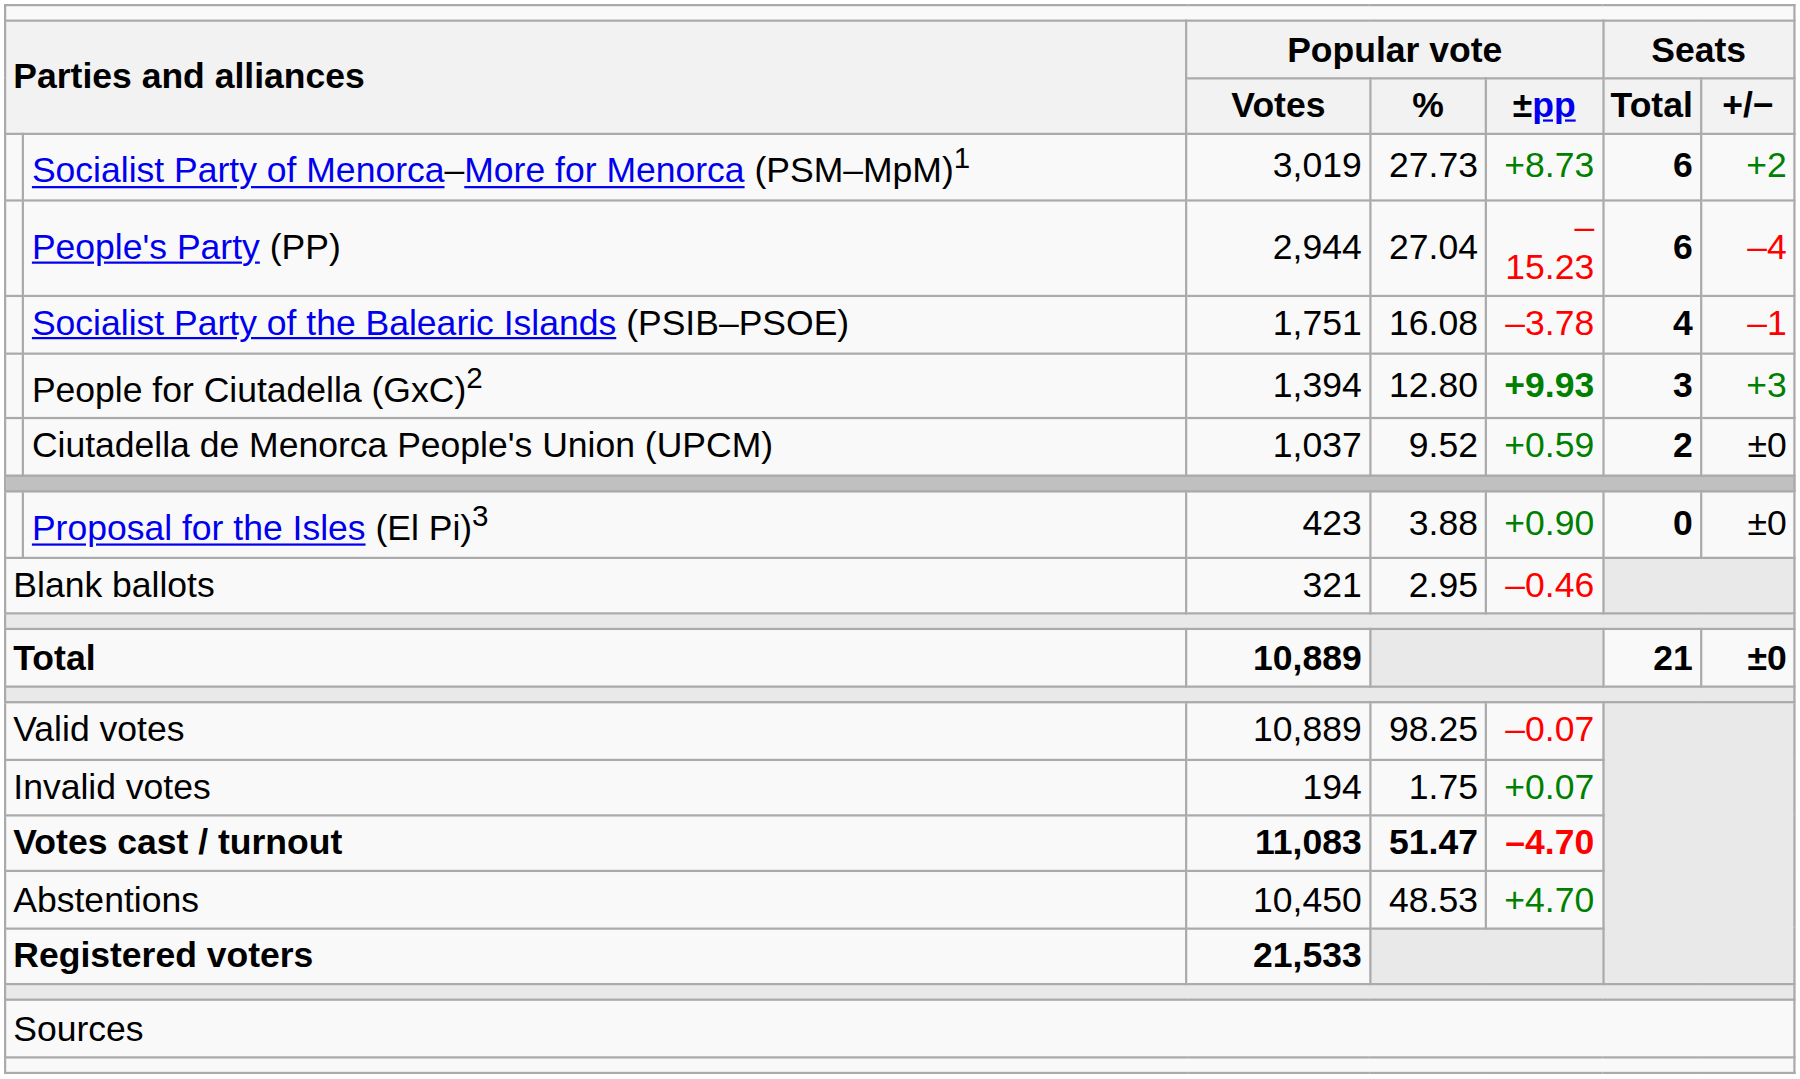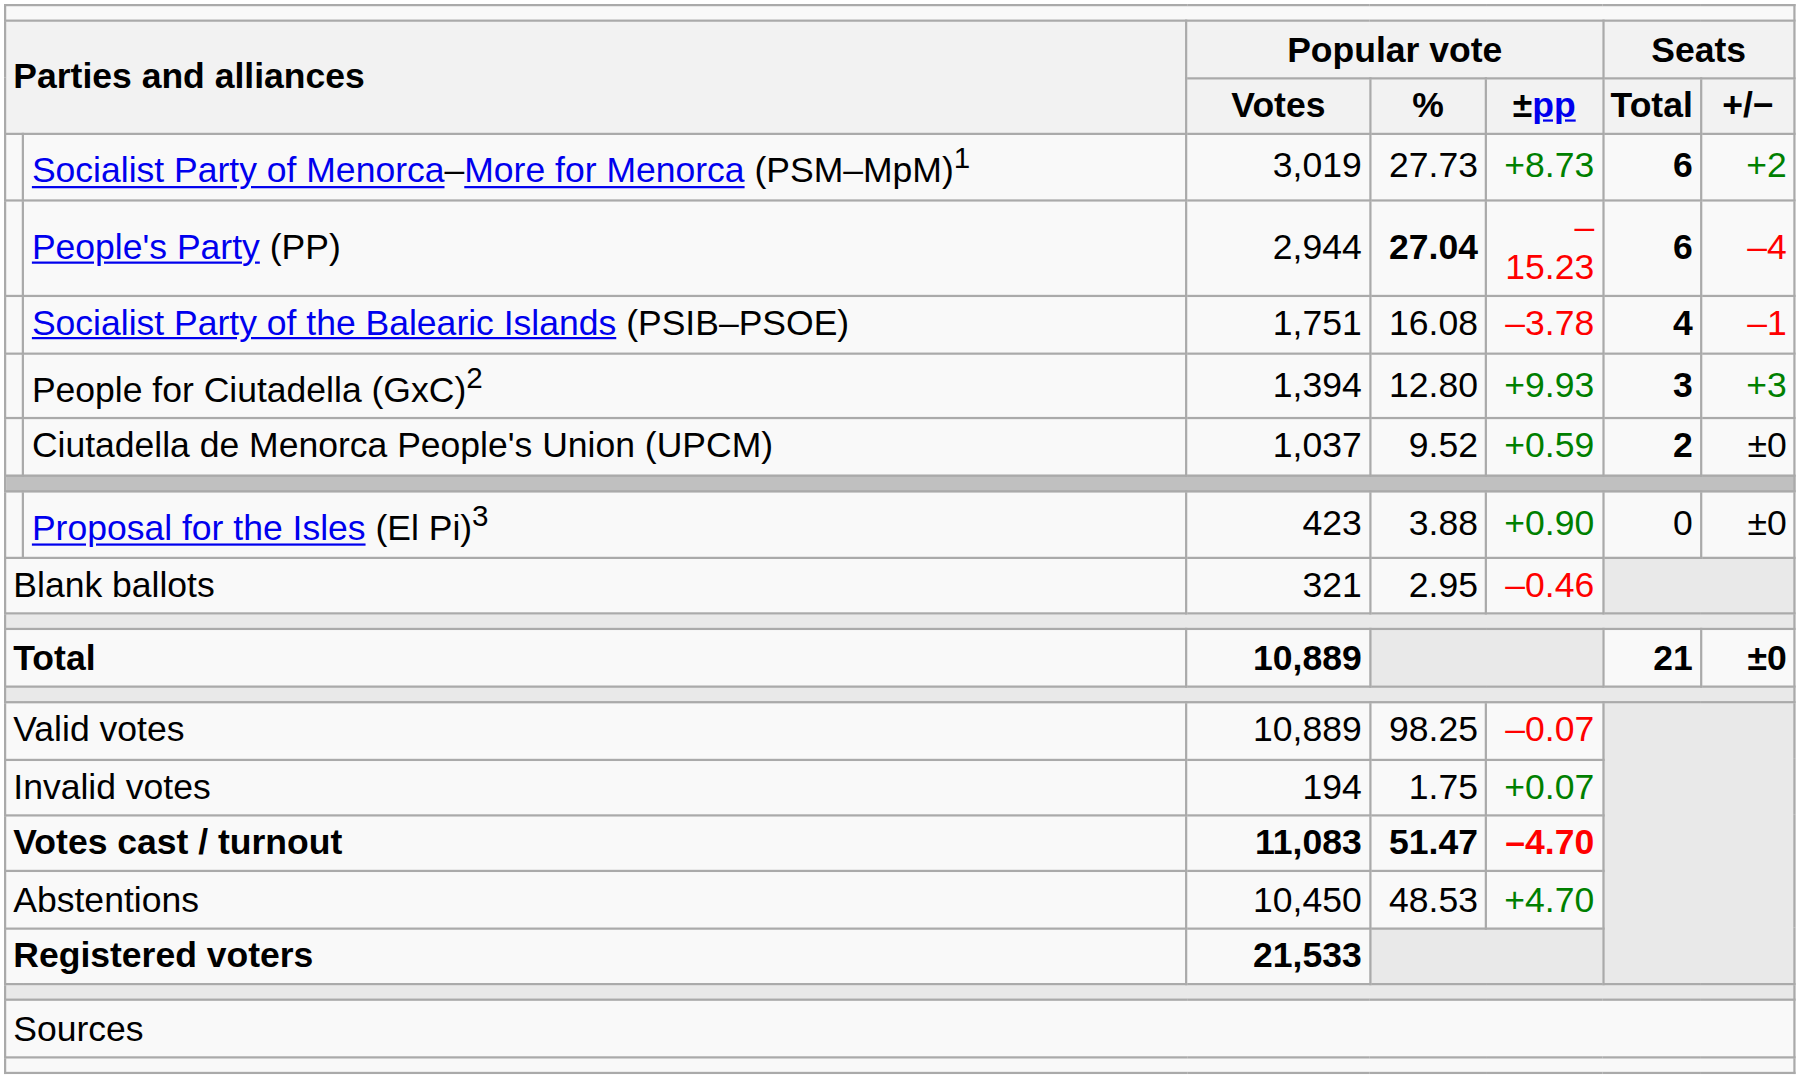 <table class="wikitable" style="text-align:right;">
 <tr>
 <td colspan="7"></td>
 </tr>
 <tr>
 <th style="text-align:left;" rowspan="2" colspan="2" width="525">Parties and alliances</th>
 <th colspan="3">Popular vote</th>
 <th colspan="2">Seats</th>
 </tr>
 <tr>
 <th width="75">Votes</th>
 <th width="45">%</th>
 <th width="45">±<a href='#'>pp</a></th>
 <th width="35">Total</th>
 <th width="35">+/−</th>
 </tr>
 <tr>
 <td width="1" style="color:inherit;background:"></td>
 <td align="left"><a href='#'>Socialist Party of Menorca</a>–<a href='#'>More for Menorca</a> (PSM–MpM)<sup>1</sup></td>
 <td>3,019</td>
 <td>27.73</td>
 <td style="color:green;">+8.73</td>
 <td><strong>6</strong></td>
 <td style="color:green;">+2</td>
 </tr>
 <tr>
 <td style="color:inherit;background:"></td>
 <td align="left"><a href='#'>People's Party</a> (PP)</td>
 <td>2,944</td>
-<td>27.04</td>
+<td><strong>27.04</strong></td>
 <td style="color:red;">–15.23</td>
 <td><strong>6</strong></td>
 <td style="color:red;">–4</td>
 </tr>
 <tr>
 <td style="color:inherit;background:"></td>
 <td align="left"><a href='#'>Socialist Party of the Balearic Islands</a> (PSIB–PSOE)</td>
 <td>1,751</td>
 <td>16.08</td>
 <td style="color:red;">–3.78</td>
 <td><strong>4</strong></td>
 <td style="color:red;">–1</td>
 </tr>
 <tr>
 <td style="color:inherit;background:"></td>
 <td align="left">People for Ciutadella (GxC)<sup>2</sup></td>
 <td>1,394</td>
 <td>12.80</td>
-<td style="color:green;"><strong>+9.93</strong></td>
+<td style="color:green;">+9.93</td>
 <td><strong>3</strong></td>
 <td style="color:green;">+3</td>
 </tr>
 <tr>
 <td style="color:inherit;background:"></td>
 <td align="left">Ciutadella de Menorca People's Union (UPCM)</td>
 <td>1,037</td>
 <td>9.52</td>
 <td style="color:green;">+0.59</td>
 <td><strong>2</strong></td>
 <td>±0</td>
 </tr>
 <tr>
 <td colspan="7" bgcolor="#C0C0C0"></td>
 </tr>
 <tr>
 <td style="color:inherit;background:"></td>
 <td align="left"><a href='#'>Proposal for the Isles</a> (El Pi)<sup>3</sup></td>
 <td>423</td>
 <td>3.88</td>
 <td style="color:green;">+0.90</td>
-<td><strong>0</strong></td>
+<td>0</td>
 <td>±0</td>
 </tr>
 <tr>
 <td align="left" colspan="2">Blank ballots</td>
 <td>321</td>
 <td>2.95</td>
 <td style="color:red;">–0.46</td>
 <td bgcolor="#E9E9E9" colspan="2"></td>
 </tr>
 <tr>
 <td colspan="7" bgcolor="#E9E9E9"></td>
 </tr>
 <tr style="font-weight:bold;">
 <td align="left" colspan="2">Total</td>
 <td>10,889</td>
 <td bgcolor="#E9E9E9" colspan="2"></td>
 <td>21</td>
 <td>±0</td>
 </tr>
 <tr>
 <td colspan="7" bgcolor="#E9E9E9"></td>
 </tr>
 <tr>
 <td align="left" colspan="2">Valid votes</td>
 <td>10,889</td>
 <td>98.25</td>
 <td style="color:red;">–0.07</td>
 <td bgcolor="#E9E9E9" colspan="2" rowspan="5"></td>
 </tr>
 <tr>
 <td align="left" colspan="2">Invalid votes</td>
 <td>194</td>
 <td>1.75</td>
 <td style="color:green;">+0.07</td>
 </tr>
 <tr style="font-weight:bold;">
 <td align="left" colspan="2">Votes cast / turnout</td>
 <td>11,083</td>
 <td>51.47</td>
 <td style="color:red;">–4.70</td>
 </tr>
 <tr>
 <td align="left" colspan="2">Abstentions</td>
 <td>10,450</td>
 <td>48.53</td>
 <td style="color:green;">+4.70</td>
 </tr>
 <tr style="font-weight:bold;">
 <td align="left" colspan="2">Registered voters</td>
 <td>21,533</td>
 <td bgcolor="#E9E9E9" colspan="2"></td>
 </tr>
 <tr>
 <td colspan="7" bgcolor="#E9E9E9"></td>
 </tr>
 <tr>
 <td align="left" colspan="7">Sources</td>
 </tr>
 <tr>
 <td colspan="7" style="text-align:left; max-width:790px;"></td>
 </tr>
 </table>
